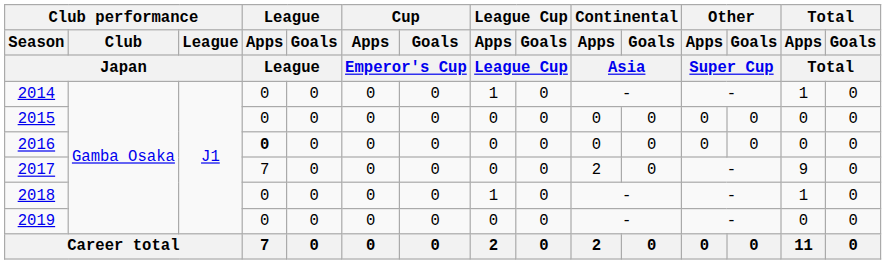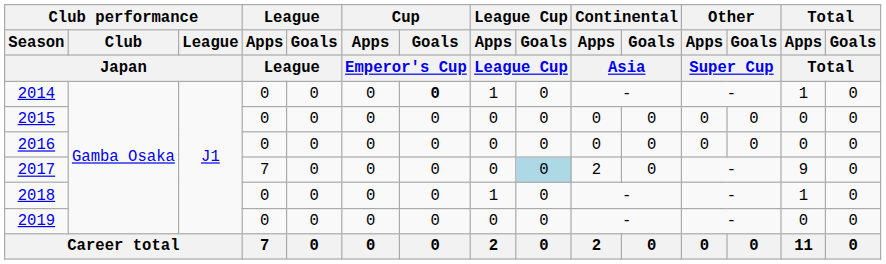 <table class="wikitable" style="text-align:center">
 <tr>
 <th colspan=3>Club performance</th>
 <th colspan=2>League</th>
 <th colspan=2>Cup</th>
 <th colspan=2>League Cup</th>
 <th colspan=2>Continental</th>
 <th colspan=2>Other</th>
 <th colspan=2>Total</th>
 </tr>
 <tr>
 <th>Season</th>
 <th>Club</th>
 <th>League</th>
 <th>Apps</th>
 <th>Goals</th>
 <th>Apps</th>
 <th>Goals</th>
 <th>Apps</th>
 <th>Goals</th>
 <th>Apps</th>
 <th>Goals</th>
 <th>Apps</th>
 <th>Goals</th>
 <th>Apps</th>
 <th>Goals</th>
 </tr>
 <tr>
 <th colspan=3>Japan</th>
 <th colspan=2>League</th>
 <th colspan=2><a href='#'>Emperor's Cup</a></th>
 <th colspan=2><a href='#'>League Cup</a></th>
 <th colspan=2><a href='#'>Asia</a></th>
 <th colspan=2><a href='#'>Super Cup</a></th>
 <th colspan=2>Total</th>
 </tr>
 <tr>
 <td><a href='#'>2014</a></td>
 <td rowspan="6"><a href='#'>Gamba Osaka</a></td>
 <td rowspan="6"><a href='#'>J1</a></td>
 <td>0</td>
 <td>0</td>
 <td>0</td>
-<td>0</td>
+<td><strong>0</strong></td>
 <td>1</td>
 <td>0</td>
 <td colspan="2">-</td>
 <td colspan="2">-</td>
 <td>1</td>
 <td>0</td>
 </tr>
 <tr>
 <td><a href='#'>2015</a></td>
 <td>0</td>
 <td>0</td>
 <td>0</td>
 <td>0</td>
 <td>0</td>
 <td>0</td>
 <td>0</td>
 <td>0</td>
 <td>0</td>
 <td>0</td>
 <td>0</td>
 <td>0</td>
 </tr>
 <tr>
 <td><a href='#'>2016</a></td>
-<td><strong>0</strong></td>
+<td>0</td>
 <td>0</td>
 <td>0</td>
 <td>0</td>
 <td>0</td>
 <td>0</td>
 <td>0</td>
 <td>0</td>
 <td>0</td>
 <td>0</td>
 <td>0</td>
 <td>0</td>
 </tr>
 <tr>
 <td><a href='#'>2017</a></td>
 <td>7</td>
 <td>0</td>
 <td>0</td>
 <td>0</td>
 <td>0</td>
-<td>0</td>
+<td style="background: lightblue;">0</td>
 <td>2</td>
 <td>0</td>
 <td colspan="2">-</td>
 <td>9</td>
 <td>0</td>
 </tr>
 <tr>
 <td><a href='#'>2018</a></td>
 <td>0</td>
 <td>0</td>
 <td>0</td>
 <td>0</td>
 <td>1</td>
 <td>0</td>
 <td colspan="2">-</td>
 <td colspan="2">-</td>
 <td>1</td>
 <td>0</td>
 </tr>
 <tr>
 <td><a href='#'>2019</a></td>
 <td>0</td>
 <td>0</td>
 <td>0</td>
 <td>0</td>
 <td>0</td>
 <td>0</td>
 <td colspan="2">-</td>
 <td colspan="2">-</td>
 <td>0</td>
 <td>0</td>
 </tr>
 <tr>
 <th colspan=3>Career total</th>
 <th>7</th>
 <th>0</th>
 <th>0</th>
 <th>0</th>
 <th>2</th>
 <th>0</th>
 <th>2</th>
 <th>0</th>
 <th>0</th>
 <th>0</th>
 <th>11</th>
 <th>0</th>
 </tr>
 </table>
